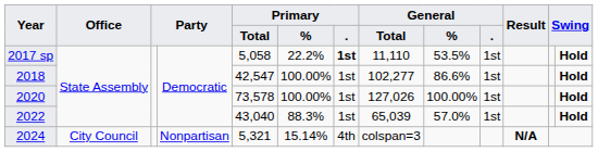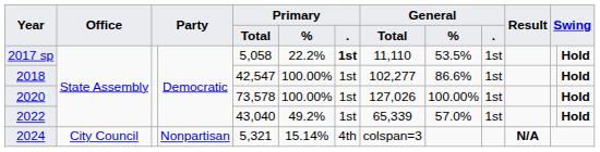 <table class="wikitable" style="font-size:90%; text-align:center;">
 <tr>
 <th style="background-color:#EAECF0;" rowspan=2>Year</th>
 <th style="background-color:#EAECF0;" rowspan=2>Office</th>
 <th style="background-color:#EAECF0;" colspan=2 rowspan=2>Party</th>
 <th style="background-color:#EAECF0;" colspan=3>Primary</th>
 <th style="background-color:#EAECF0;" colspan=3>General</th>
 <th style="background-color:#EAECF0;" rowspan=2>Result</th>
 <th style="background-color:#EAECF0;" colspan=2 rowspan=2><a href='#'>Swing</a></th>
 </tr>
 <tr>
 <th style="background-color:#EAECF0;">Total</th>
 <th style="background-color:#EAECF0;">%</th>
 <th style="background-color:#EAECF0;">.</th>
 <th style="background-color:#EAECF0;">Total</th>
 <th style="background-color:#EAECF0;">%</th>
 <th style="background-color:#EAECF0;">.</th>
 </tr>
 <tr>
 <td style="background-color:#EAECF0;"><a href='#'>2017 sp</a></td>
 <td rowspan=4><a href='#'>State Assembly</a></td>
 <td rowspan=4 style="background-color:"></td>
 <td rowspan=4><a href='#'>Democratic</a></td>
 <td>5,058</td>
 <td>22.2%</td>
 <td><strong>1st</strong></td>
 <td>11,110</td>
 <td>53.5%</td>
 <td>1st</td>
 <td></td>
 <td style="background-color:"></td>
 <td><strong>Hold</strong></td>
 </tr>
 <tr>
 <td style="background-color:#EAECF0;"><a href='#'>2018</a></td>
 <td>42,547</td>
 <td>100.00%</td>
 <td>1st</td>
 <td>102,277</td>
 <td>86.6%</td>
 <td>1st</td>
 <td></td>
 <td style="background-color:"></td>
 <td><strong>Hold</strong></td>
 </tr>
 <tr>
 <td style="background-color:#EAECF0;"><a href='#'>2020</a></td>
 <td>73,578</td>
 <td>100.00%</td>
 <td>1st</td>
 <td>127,026</td>
 <td>100.00%</td>
 <td>1st</td>
 <td></td>
 <td style="background-color:"></td>
 <td><strong>Hold</strong></td>
 </tr>
 <tr>
 <td style="background-color:#EAECF0;"><a href='#'>2022</a></td>
 <td>43,040</td>
-<td>88.3%</td>
+<td>49.2%</td>
 <td>1st</td>
-<td>65,039</td>
+<td>65,339</td>
 <td>57.0%</td>
 <td>1st</td>
 <td></td>
 <td style="background-color:"></td>
 <td><strong>Hold</strong></td>
 </tr>
 <tr>
 <td style="background-color:#EAECF0;"><a href='#'>2024</a></td>
 <td><a href='#'>City Council</a></td>
 <td style="background-color:"></td>
 <td><a href='#'>Nonpartisan</a></td>
 <td>5,321</td>
 <td>15.14%</td>
 <td>4th</td>
 <td>colspan=3 </td>
 <td></td>
 <td style="background-color:"></td>
 <td><strong>N/A</strong></td>
 </tr>
 </table>
